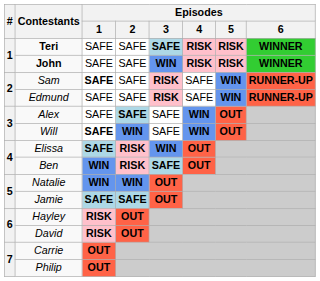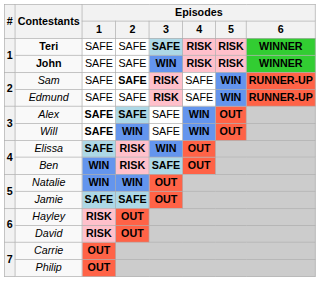 <table class="wikitable" style="text-align:center">
 <tr>
 <th rowspan=2>#</th>
 <th rowspan=2>Contestants</th>
 <th colspan=8>Episodes</th>
 </tr>
 <tr>
 <th>1</th>
 <th>2</th>
 <th>3</th>
 <th>4</th>
 <th>5</th>
 <th>6</th>
 </tr>
 <tr>
 <th rowspan=2>1</th>
 <td><strong>Teri</strong></td>
 <td style="background:white;">SAFE</td>
 <td style="background:white;">SAFE</td>
 <td style="background:lightblue;"><strong>SAFE</strong></td>
 <td style="background:pink;"><strong>RISK</strong></td>
 <td style="background:pink;"><strong>RISK</strong></td>
 <td style="background:limegreen;"><strong>WINNER</strong></td>
 </tr>
 <tr>
 <td><strong>John</strong></td>
 <td style="background:white;">SAFE</td>
 <td style="background:white;">SAFE</td>
 <td style="background:cornflowerblue;"><strong>WIN</strong></td>
 <td style="background:pink;"><strong>RISK</strong></td>
 <td style="background:pink;"><strong>RISK</strong></td>
 <td style="background:limegreen;"><strong>WINNER</strong></td>
 </tr>
 <tr>
 <th rowspan=2>2</th>
 <td><em>Sam</em></td>
+<td style="background:white;">SAFE</td>
 <td style="background:white;"><strong>SAFE</strong></td>
-<td style="background:white;">SAFE</td>
 <td style="background:pink;"><strong>RISK</strong></td>
 <td style="background:white;">SAFE</td>
 <td style="background:cornflowerblue;"><strong>WIN</strong></td>
 <td style="background:tomato;"><strong>RUNNER-UP</strong></td>
 </tr>
 <tr>
 <td><em>Edmund</em></td>
 <td style="background:white;">SAFE</td>
 <td style="background:white;">SAFE</td>
 <td style="background:pink;"><strong>RISK</strong></td>
 <td style="background:white;">SAFE</td>
 <td style="background:cornflowerblue;"><strong>WIN</strong></td>
 <td style="background:tomato;"><strong>RUNNER-UP</strong></td>
 </tr>
 <tr>
 <th rowspan=2>3</th>
 <td><em>Alex</em></td>
-<td style="background:white;">SAFE</td>
+<td style="background:white;"><strong>SAFE</strong></td>
 <td style="background:lightblue;"><strong>SAFE</strong></td>
 <td style="background:white;">SAFE</td>
 <td style="background:cornflowerblue;"><strong>WIN</strong></td>
 <td style="background:tomato;"><strong>OUT</strong></td>
 <td style="background:#ccc;"></td>
 </tr>
 <tr>
 <td><em>Will</em></td>
 <td style="background:white;"><strong>SAFE</strong></td>
 <td style="background:cornflowerblue;"><strong>WIN</strong></td>
 <td style="background:white;">SAFE</td>
 <td style="background:cornflowerblue;"><strong>WIN</strong></td>
 <td style="background:tomato;"><strong>OUT</strong></td>
 <td style="background:#ccc;"></td>
 </tr>
 <tr>
 <th rowspan=2>4</th>
 <td><em>Elissa</em></td>
 <td style="background:lightblue;"><strong>SAFE</strong></td>
 <td style="background:pink;"><strong>RISK</strong></td>
 <td style="background:cornflowerblue;"><strong>WIN</strong></td>
 <td style="background:tomato;"><strong>OUT</strong></td>
 <td style="background:#ccc;" colspan="2"></td>
 </tr>
 <tr>
 <td><em>Ben</em></td>
 <td style="background:cornflowerblue;"><strong>WIN</strong></td>
 <td style="background:pink;"><strong>RISK</strong></td>
 <td style="background:lightblue;"><strong>SAFE</strong></td>
 <td style="background:tomato;"><strong>OUT</strong></td>
 <td style="background:#ccc;" colspan="2"></td>
 </tr>
 <tr>
 <th rowspan=2>5</th>
 <td><em>Natalie</em></td>
 <td style="background:cornflowerblue;"><strong>WIN</strong></td>
 <td style="background:cornflowerblue;"><strong>WIN</strong></td>
 <td style="background:tomato;"><strong>OUT</strong></td>
 <td style="background:#ccc;" colspan="3"></td>
 </tr>
 <tr>
 <td><em>Jamie</em></td>
 <td style="background:lightblue;"><strong>SAFE</strong></td>
 <td style="background:lightblue;"><strong>SAFE</strong></td>
 <td style="background:tomato;"><strong>OUT</strong></td>
 <td style="background:#ccc;" colspan="3"></td>
 </tr>
 <tr>
 <th rowspan=2>6</th>
 <td><em>Hayley</em></td>
 <td style="background:pink;"><strong>RISK</strong></td>
 <td style="background:tomato;"><strong>OUT</strong></td>
 <td style="background:#ccc;" colspan="4"></td>
 </tr>
 <tr>
 <td><em>David</em></td>
 <td style="background:pink;"><strong>RISK</strong></td>
 <td style="background:tomato;"><strong>OUT</strong></td>
 <td style="background:#ccc;" colspan="4"></td>
 </tr>
 <tr>
 <th rowspan=2>7</th>
 <td><em>Carrie</em></td>
 <td style="background:tomato;"><strong>OUT</strong></td>
 <td style="background:#ccc;" colspan="5"></td>
 </tr>
 <tr>
 <td><em>Philip</em></td>
 <td style="background:tomato;"><strong>OUT</strong></td>
 <td style="background:#ccc;" colspan="5"></td>
 </tr>
 </table>
